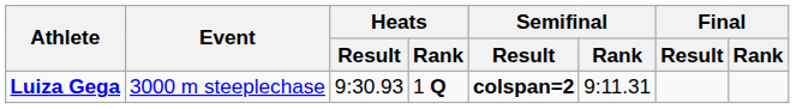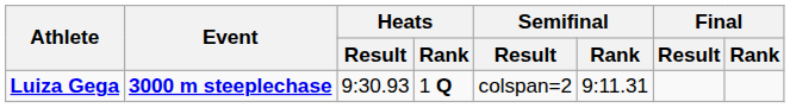 <table class="wikitable" border="1" style="font-size:90%">
 <tr>
 <th rowspan="2">Athlete</th>
 <th rowspan="2">Event</th>
 <th colspan="2">Heats</th>
 <th colspan="2">Semifinal</th>
 <th colspan="2">Final</th>
 </tr>
 <tr>
 <th>Result</th>
 <th>Rank</th>
 <th>Result</th>
 <th>Rank</th>
 <th>Result</th>
 <th>Rank</th>
 </tr>
 <tr>
 <td><strong><a href='#'>Luiza Gega</a></strong></td>
-<td><a href='#'>3000 m steeplechase</a></td>
+<td><strong><a href='#'>3000 m steeplechase</a></strong></td>
 <td>9:30.93</td>
 <td>1 <strong>Q</strong></td>
-<td><strong>colspan=2</strong></td>
+<td>colspan=2</td>
 <td>9:11.31 </td>
 <td></td>
 </tr>
 </table>
